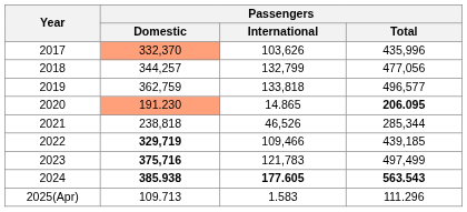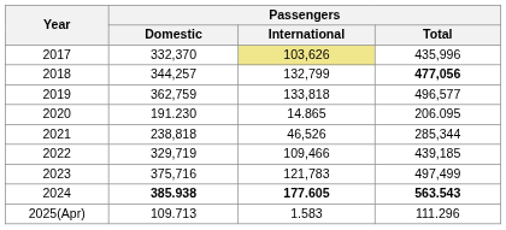 <table class="toccolours" border="1" cellpadding="3" style="border-collapse:collapse">
 <tr style="background:#f2f2f2;">
 <th style="text-align:center; width:150px;" rowspan="2">Year</th>
 <th style="text-align:center; width:200px;" colspan="3">Passengers</th>
 </tr>
 <tr style="background:#f2f2f2;">
 <th style="text-align:center; width:200px;">Domestic</th>
 <th style="text-align:center; width:200px;">International</th>
 <th style="text-align:center; width:200px;">Total</th>
 </tr>
 <tr>
 <td style="text-align:center; width:150px;">2017</td>
-<td style="background: lightsalmon; text-align:center; width:150px;">332,370</td>
-<td style="text-align:center; width:150px;">103,626</td>
+<td style="text-align:center; width:150px;">332,370</td>
+<td style="background: khaki; text-align:center; width:150px;">103,626</td>
 <td style="text-align:center; width:150px;">435,996</td>
 </tr>
 <tr>
 <td style="text-align:center; width:150px;">2018</td>
 <td style="text-align:center; width:150px;">344,257</td>
 <td style="text-align:center; width:150px;">132,799</td>
-<td style="text-align:center; width:150px;">477,056</td>
+<td style="text-align:center; width:150px;"><strong>477,056</strong></td>
 </tr>
 <tr>
 <td style="text-align:center; width:150px;">2019</td>
 <td style="text-align:center; width:150px;">362,759</td>
 <td style="text-align:center; width:150px;">133,818</td>
 <td style="text-align:center; width:150px;">496,577</td>
 </tr>
 <tr>
 <td style="text-align:center; width:150px;">2020</td>
-<td style="background: lightsalmon; text-align:center; width:150px;">191.230</td>
+<td style="text-align:center; width:150px;">191.230</td>
 <td style="text-align:center; width:150px;">14.865</td>
-<td style="text-align:center; width:150px;"><strong>206.095</strong></td>
+<td style="text-align:center; width:150px;">206.095</td>
 </tr>
 <tr>
 <td style="text-align:center; width:150px;">2021</td>
 <td style="text-align:center; width:150px;">238,818</td>
 <td style="text-align:center; width:150px;">46,526</td>
 <td style="text-align:center; width:150px;">285,344</td>
 </tr>
 <tr>
 <td style="text-align:center; width:150px;">2022</td>
-<td style="text-align:center; width:150px;"><strong>329,719</strong></td>
+<td style="text-align:center; width:150px;">329,719</td>
 <td style="text-align:center; width:150px;">109,466</td>
 <td style="text-align:center; width:150px;">439,185</td>
 </tr>
 <tr>
 <td style="text-align:center; width:150px;">2023</td>
-<td style="text-align:center; width:150px;"><strong>375,716</strong></td>
+<td style="text-align:center; width:150px;">375,716</td>
 <td style="text-align:center; width:150px;">121,783</td>
 <td style="text-align:center; width:150px;">497,499</td>
 </tr>
 <tr>
 <td style="text-align:center; width:150px;">2024</td>
 <td style="text-align:center; width:150px;"><strong>385.938</strong></td>
 <td style="text-align:center; width:150px;"><strong>177.605</strong></td>
 <td style="text-align:center; width:150px;"><strong>563.543</strong></td>
 </tr>
 <tr>
 <td style="text-align:center; width:150px;">2025(Apr)</td>
 <td style="text-align:center; width:150px;">109.713</td>
 <td style="text-align:center; width:150px;">1.583</td>
 <td style="text-align:center; width:150px;">111.296</td>
 </tr>
 </table>
